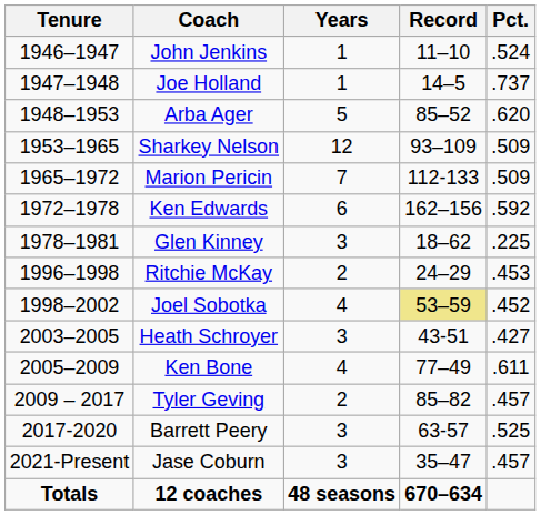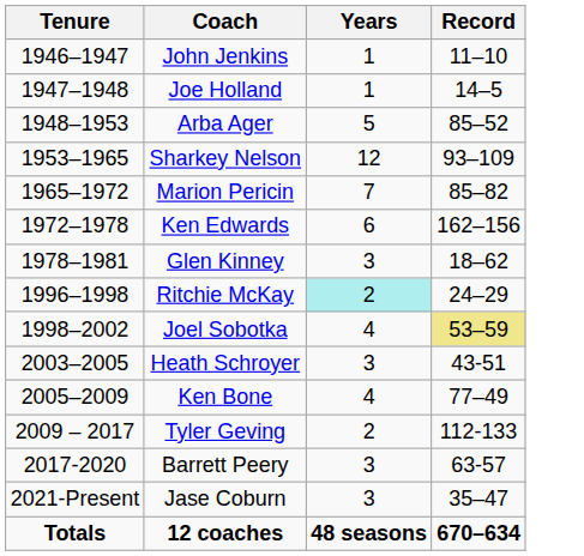 <table class="wikitable"; style= "text-align:center ">
 <tr>
 <th width=px>Tenure</th>
 <th width=px>Coach</th>
 <th width=0px>Years</th>
 <th width=px>Record</th>
-<th width=px>Pct.</th>
 </tr>
 <tr>
 <td>1946–1947</td>
 <td><a href='#'>John Jenkins</a></td>
 <td>1</td>
 <td>11–10</td>
-<td>.524</td>
 </tr>
 <tr>
 <td>1947–1948</td>
 <td><a href='#'>Joe Holland</a></td>
 <td>1</td>
 <td>14–5</td>
-<td>.737</td>
 </tr>
 <tr>
 <td>1948–1953</td>
 <td><a href='#'>Arba Ager</a></td>
 <td>5</td>
 <td>85–52</td>
-<td>.620</td>
 </tr>
 <tr>
 <td>1953–1965</td>
 <td><a href='#'>Sharkey Nelson</a></td>
 <td>12</td>
 <td>93–109</td>
-<td>.509</td>
 </tr>
 <tr>
 <td>1965–1972</td>
 <td><a href='#'>Marion Pericin</a></td>
 <td>7</td>
-<td>112-133</td>
-<td>.509</td>
+<td>85–82</td>
 </tr>
 <tr>
 <td>1972–1978</td>
 <td><a href='#'>Ken Edwards</a></td>
 <td>6</td>
 <td>162–156</td>
-<td>.592</td>
 </tr>
 <tr>
 <td>1978–1981</td>
 <td><a href='#'>Glen Kinney</a></td>
 <td>3</td>
 <td>18–62</td>
-<td>.225</td>
 </tr>
 <tr>
 <td>1996–1998</td>
 <td><a href='#'>Ritchie McKay</a></td>
-<td>2</td>
+<td style="background: paleturquoise;">2</td>
 <td>24–29</td>
-<td>.453</td>
 </tr>
 <tr>
 <td>1998–2002</td>
 <td><a href='#'>Joel Sobotka</a></td>
 <td>4</td>
 <td style="background: khaki;">53–59</td>
-<td>.452</td>
 </tr>
 <tr>
 <td>2003–2005</td>
 <td><a href='#'>Heath Schroyer</a></td>
 <td>3</td>
 <td>43-51</td>
-<td>.427</td>
 </tr>
 <tr>
 <td>2005–2009</td>
 <td><a href='#'>Ken Bone</a></td>
 <td>4</td>
 <td>77–49</td>
-<td>.611</td>
 </tr>
 <tr>
 <td>2009 – 2017</td>
 <td><a href='#'>Tyler Geving</a></td>
 <td>2</td>
-<td>85–82</td>
-<td>.457</td>
+<td>112-133</td>
 </tr>
 <tr>
 <td>2017-2020</td>
 <td>Barrett Peery</td>
 <td>3</td>
 <td>63-57</td>
-<td>.525</td>
 </tr>
 <tr>
 <td>2021-Present</td>
 <td>Jase Coburn</td>
 <td>3</td>
 <td>35–47</td>
-<td>.457</td>
 </tr>
 <tr>
 <td><strong>Totals</strong></td>
 <td><strong>12 coaches</strong></td>
 <td><strong>48 seasons</strong></td>
 <td><strong>670–634</strong></td>
-<td><strong></strong></td>
 </tr>
 </table>
